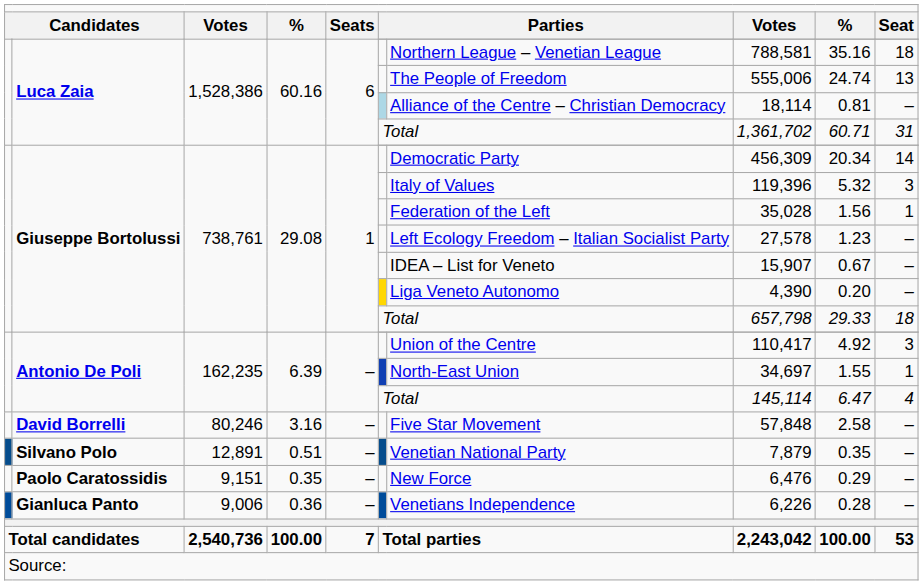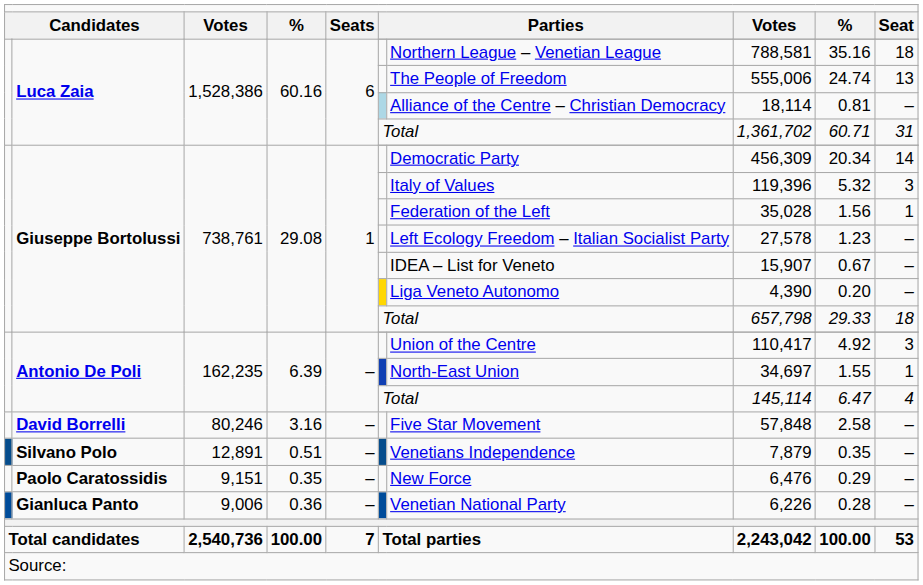 <table class="wikitable">
 <tr>
 <td colspan=10></td>
 </tr>
 <tr>
 <th colspan=2>Candidates</th>
 <th>Votes</th>
 <th>%</th>
 <th>Seats</th>
 <th colspan=2>Parties</th>
 <th>Votes</th>
 <th>%</th>
 <th>Seat</th>
 </tr>
 <tr>
 <td rowspan="5"></td>
 <td rowspan="5"><strong><a href='#'>Luca Zaia</a></strong></td>
 <td rowspan="5" align=right>1,528,386</td>
 <td rowspan="5" align=right>60.16</td>
 <td rowspan="5" align=right>6</td>
 </tr>
 <tr>
 <td></td>
 <td align="left"><a href='#'>Northern League</a> – <a href='#'>Venetian League</a></td>
 <td align=right>788,581</td>
 <td align=right>35.16</td>
 <td align=right>18</td>
 </tr>
 <tr>
 <td></td>
 <td align="left"><a href='#'>The People of Freedom</a></td>
 <td align=right>555,006</td>
 <td align=right>24.74</td>
 <td align=right>13</td>
 </tr>
 <tr>
 <td bgcolor="lightblue"></td>
 <td align="left"><a href='#'>Alliance of the Centre</a> – <a href='#'>Christian Democracy</a></td>
 <td align=right>18,114</td>
 <td align=right>0.81</td>
 <td align=right>–</td>
 </tr>
 <tr>
 <td colspan=2><em>Total</em></td>
 <td align=right><em>1,361,702</em></td>
 <td align=right><em>60.71</em></td>
 <td align=right><em>31</em></td>
 </tr>
 <tr>
 <td rowspan="8"></td>
 <td rowspan="8"><strong>Giuseppe Bortolussi</strong></td>
 <td rowspan="8" align=right>738,761</td>
 <td rowspan="8" align=right>29.08</td>
 <td rowspan="8" align=right>1</td>
 </tr>
 <tr>
 <td></td>
 <td align="left"><a href='#'>Democratic Party</a></td>
 <td align=right>456,309</td>
 <td align=right>20.34</td>
 <td align=right>14</td>
 </tr>
 <tr>
 <td></td>
 <td align="left"><a href='#'>Italy of Values</a></td>
 <td align=right>119,396</td>
 <td align=right>5.32</td>
 <td align=right>3</td>
 </tr>
 <tr>
 <td></td>
 <td align="left"><a href='#'>Federation of the Left</a></td>
 <td align=right>35,028</td>
 <td align=right>1.56</td>
 <td align=right>1</td>
 </tr>
 <tr>
 <td></td>
 <td align="left"><a href='#'>Left Ecology Freedom</a> – <a href='#'>Italian Socialist Party</a></td>
 <td align=right>27,578</td>
 <td align=right>1.23</td>
 <td align=right>–</td>
 </tr>
 <tr>
 <td></td>
 <td align="left">IDEA – List for Veneto</td>
 <td align=right>15,907</td>
 <td align=right>0.67</td>
 <td align=right>–</td>
 </tr>
 <tr>
 <td bgcolor="gold"></td>
 <td align="left"><a href='#'>Liga Veneto Autonomo</a></td>
 <td align=right>4,390</td>
 <td align=right>0.20</td>
 <td align=right>–</td>
 </tr>
 <tr>
 <td colspan=2><em>Total</em></td>
 <td align=right><em>657,798</em></td>
 <td align=right><em>29.33</em></td>
 <td align=right><em>18</em></td>
 </tr>
 <tr>
 <td rowspan="4"></td>
 <td rowspan="4"><strong><a href='#'>Antonio De Poli</a></strong></td>
 <td rowspan="4" align=right>162,235</td>
 <td rowspan="4" align=right>6.39</td>
 <td rowspan="4" align=right>–</td>
 </tr>
 <tr>
 <td></td>
 <td align="left"><a href='#'>Union of the Centre</a></td>
 <td align=right>110,417</td>
 <td align=right>4.92</td>
 <td align=right>3</td>
 </tr>
 <tr>
 <td bgcolor="#1140B3"></td>
 <td align="left"><a href='#'>North-East Union</a></td>
 <td align=right>34,697</td>
 <td align=right>1.55</td>
 <td align=right>1</td>
 </tr>
 <tr>
 <td colspan=2><em>Total</em></td>
 <td align=right><em>145,114</em></td>
 <td align=right><em>6.47</em></td>
 <td align=right><em>4</em></td>
 </tr>
 <tr>
 <td></td>
 <td><strong><a href='#'>David Borrelli</a></strong></td>
 <td align=right>80,246</td>
 <td align=right>3.16</td>
 <td align=right>–</td>
 <td></td>
 <td><a href='#'>Five Star Movement</a></td>
 <td align=right>57,848</td>
 <td align=right>2.58</td>
 <td align=right>–</td>
 </tr>
 <tr>
 <td bgcolor="#064D8C"></td>
 <td><strong>Silvano Polo</strong></td>
 <td align=right>12,891</td>
 <td align=right>0.51</td>
 <td align=right>–</td>
 <td bgcolor="#064D8C"></td>
-<td align="left"><a href='#'>Venetian National Party</a></td>
+<td align="left"><a href='#'>Venetians Independence</a></td>
 <td align=right>7,879</td>
 <td align=right>0.35</td>
 <td align=right>–</td>
 </tr>
 <tr>
 <td></td>
 <td><strong>Paolo Caratossidis</strong></td>
 <td align=right>9,151</td>
 <td align=right>0.35</td>
 <td align=right>–</td>
 <td></td>
 <td align="left"><a href='#'>New Force</a></td>
 <td align=right>6,476</td>
 <td align=right>0.29</td>
 <td align=right>–</td>
 </tr>
 <tr>
 <td bgcolor="#004C9A"></td>
 <td><strong>Gianluca Panto</strong></td>
 <td align=right>9,006</td>
 <td align=right>0.36</td>
 <td align=right>–</td>
 <td bgcolor="#004C9A"></td>
-<td align="left"><a href='#'>Venetians Independence</a></td>
+<td align="left"><a href='#'>Venetian National Party</a></td>
 <td align=right>6,226</td>
 <td align=right>0.28</td>
 <td align=right>–</td>
 </tr>
 <tr>
 <th colspan=10></th>
 </tr>
 <tr>
 <td colspan=2><strong>Total candidates</strong></td>
 <td align=right><strong>2,540,736</strong></td>
 <td align=right><strong>100.00</strong></td>
 <td align=right><strong>7</strong></td>
 <td colspan=2><strong>Total parties</strong></td>
 <td align=right><strong>2,243,042</strong></td>
 <td align=right><strong>100.00</strong></td>
 <td align=right><strong>53</strong></td>
 </tr>
 <tr>
 <td colspan=10>Source: </td>
 </tr>
 </table>
